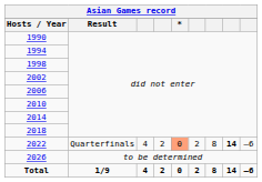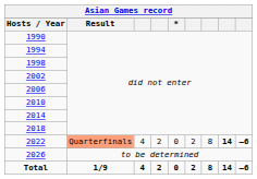 <table class="wikitable" style="text-align: center; font-size:95%;">
 <tr>
 <th colspan="10"><a href='#'>Asian Games record</a></th>
 </tr>
 <tr>
 </tr>
 <tr>
 <th>Hosts / Year</th>
 <th>Result</th>
 <th width=20></th>
 <th width=20></th>
 <th width=20>*</th>
 <th width=20></th>
 <th width=20></th>
 <th width=20></th>
 <th width=20></th>
 </tr>
 <tr>
 <td> <a href='#'>1990</a></td>
 <td colspan=8 rowspan=8><em>did not enter</em></td>
 </tr>
 <tr>
 <td> <a href='#'>1994</a></td>
 </tr>
 <tr>
 <td> <a href='#'>1998</a></td>
 </tr>
 <tr>
 <td> <a href='#'>2002</a></td>
 </tr>
 <tr>
 <td> <a href='#'>2006</a></td>
 </tr>
 <tr>
 <td> <a href='#'>2010</a></td>
 </tr>
 <tr>
 <td> <a href='#'>2014</a></td>
 </tr>
 <tr>
 <td> <a href='#'>2018</a></td>
 </tr>
 <tr>
 <td> <a href='#'>2022</a></td>
-<td>Quarterfinals</td>
+<td style="background: lightsalmon;">Quarterfinals</td>
 <td>4</td>
 <td>2</td>
-<td style="background: lightsalmon;">0</td>
+<td>0</td>
 <td>2</td>
 <td>8</td>
 <td><strong>14</strong></td>
-<td>–6</td>
+<td><strong>–6</strong></td>
 </tr>
 <tr>
 <td> <a href='#'>2026</a></td>
 <td colspan="8"><em>to be determined</em></td>
 </tr>
 <tr>
 <td><strong>Total</strong></td>
 <td><strong>1/9</strong></td>
 <td><strong>4</strong></td>
 <td><strong>2</strong></td>
 <td><strong>0</strong></td>
 <td><strong>2</strong></td>
 <td><strong>8</strong></td>
 <td><strong>14</strong></td>
 <td><strong>–6</strong></td>
 </tr>
 </table>
